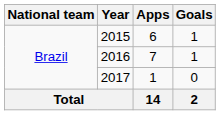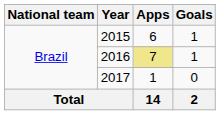 <table class="wikitable" style="text-align:center">
 <tr>
 <th>National team</th>
 <th>Year</th>
 <th>Apps</th>
 <th>Goals</th>
 </tr>
 <tr>
 <td rowspan="3"><a href='#'>Brazil</a></td>
 <td>2015</td>
 <td>6</td>
 <td>1</td>
 </tr>
 <tr>
 <td>2016</td>
-<td>7</td>
+<td style="background: khaki;">7</td>
 <td>1</td>
 </tr>
 <tr>
 <td>2017</td>
 <td>1</td>
 <td>0</td>
 </tr>
 <tr>
 <th colspan="2">Total</th>
 <th>14</th>
 <th>2</th>
 </tr>
 </table>
